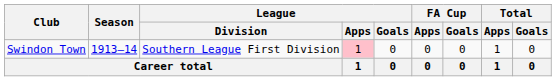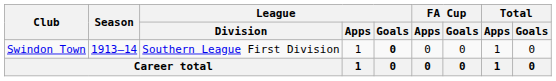 <table class="wikitable" style="text-align:center;">
 <tr>
 <th rowspan="2">Club</th>
 <th rowspan="2">Season</th>
 <th colspan="3">League</th>
 <th colspan="2">FA Cup</th>
 <th colspan="2">Total</th>
 </tr>
 <tr>
 <th>Division</th>
 <th>Apps</th>
 <th>Goals</th>
 <th>Apps</th>
 <th>Goals</th>
 <th>Apps</th>
 <th>Goals</th>
 </tr>
 <tr>
 <td><a href='#'>Swindon Town</a></td>
 <td><a href='#'>1913–14</a></td>
 <td><a href='#'>Southern League</a> First Division</td>
-<td style="background: pink;">1</td>
-<td>0</td>
+<td>1</td>
+<td><strong>0</strong></td>
 <td>0</td>
 <td>0</td>
 <td>1</td>
 <td>0</td>
 </tr>
 <tr>
 <th colspan="3">Career total</th>
 <th>1</th>
 <th>0</th>
 <th>0</th>
 <th>0</th>
 <th>1</th>
 <th>0</th>
 </tr>
 </table>
